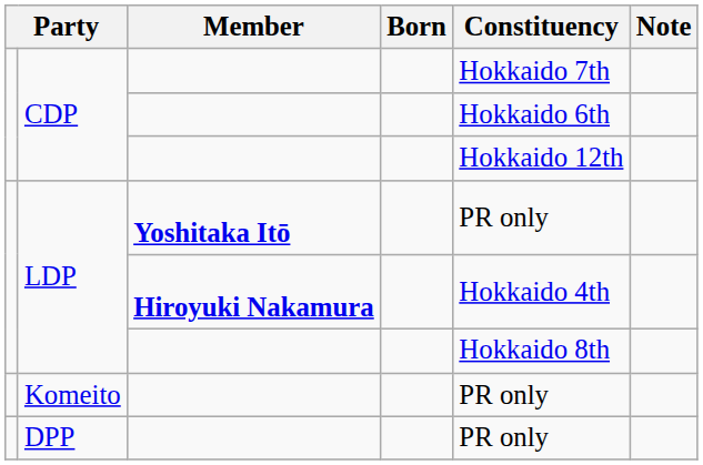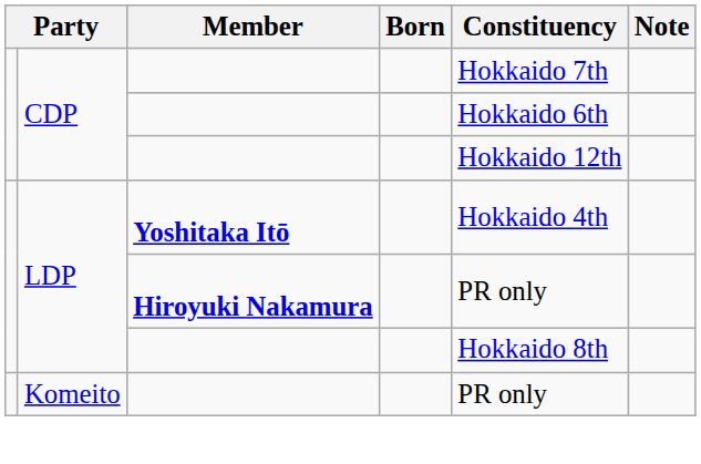 <table class="wikitable">
 <tr>
 <th colspan=2>Party</th>
 <th>Member</th>
 <th>Born</th>
 <th>Constituency</th>
 <th>Note</th>
 </tr>
 <tr>
 <td rowspan=3 style="background-color:"></td>
 <td rowspan=3><a href='#'>CDP</a></td>
 <td><strong></strong></td>
 <td></td>
 <td><a href='#'>Hokkaido 7th</a></td>
 <td></td>
 </tr>
 <tr>
 <td><br><strong></strong></td>
 <td></td>
 <td><a href='#'>Hokkaido 6th</a></td>
 <td></td>
 </tr>
 <tr>
 <td><strong></strong></td>
 <td></td>
 <td><a href='#'>Hokkaido 12th</a></td>
 <td></td>
 </tr>
 <tr>
 <td rowspan=3 style="background-color:"></td>
 <td rowspan=3><a href='#'>LDP</a></td>
 <td><br><strong><a href='#'>Yoshitaka Itō</a></strong></td>
 <td></td>
-<td>PR only</td>
+<td><a href='#'>Hokkaido 4th</a></td>
 <td></td>
 </tr>
 <tr>
 <td><br><strong><a href='#'>Hiroyuki Nakamura</a></strong></td>
 <td></td>
-<td><a href='#'>Hokkaido 4th</a></td>
+<td>PR only</td>
 <td></td>
 </tr>
 <tr>
 <td><strong></strong></td>
 <td></td>
 <td><a href='#'>Hokkaido 8th</a></td>
 <td></td>
 </tr>
 <tr>
 <td style="background-color:"></td>
 <td><a href='#'>Komeito</a></td>
 <td><br><strong></strong></td>
 <td></td>
 <td>PR only</td>
 <td></td>
 </tr>
-<tr>
-<td style="background-color:"></td>
-<td><a href='#'>DPP</a></td>
-<td><br><strong></strong></td>
-<td></td>
-<td>PR only</td>
-<td></td>
-</tr>
 </table>
